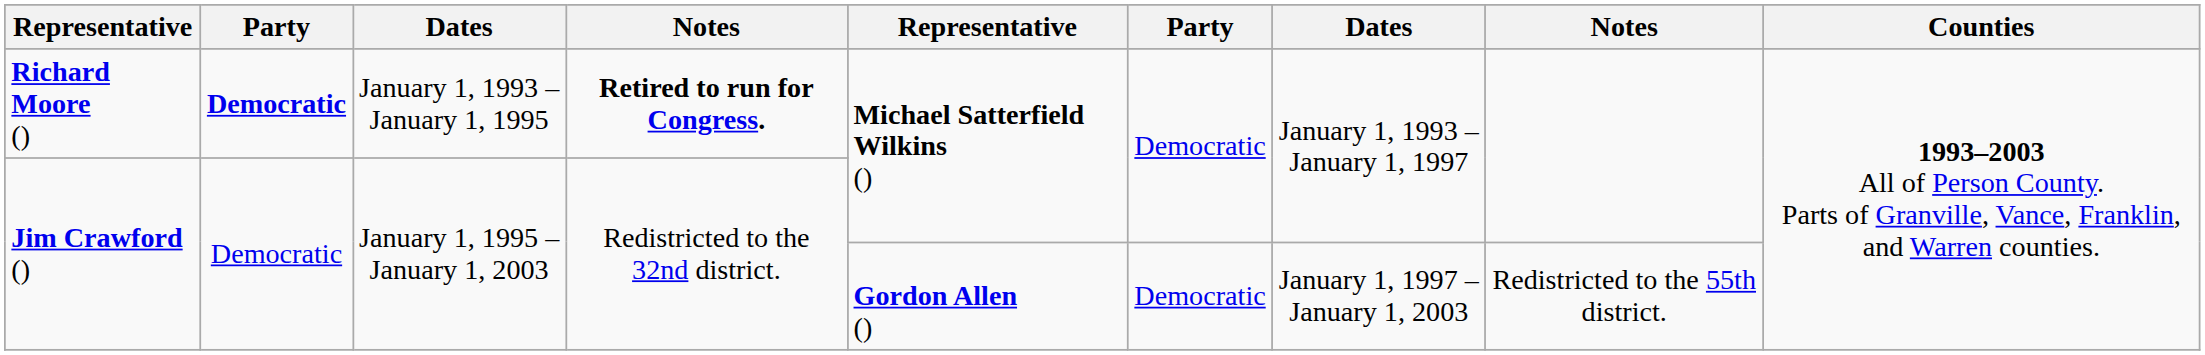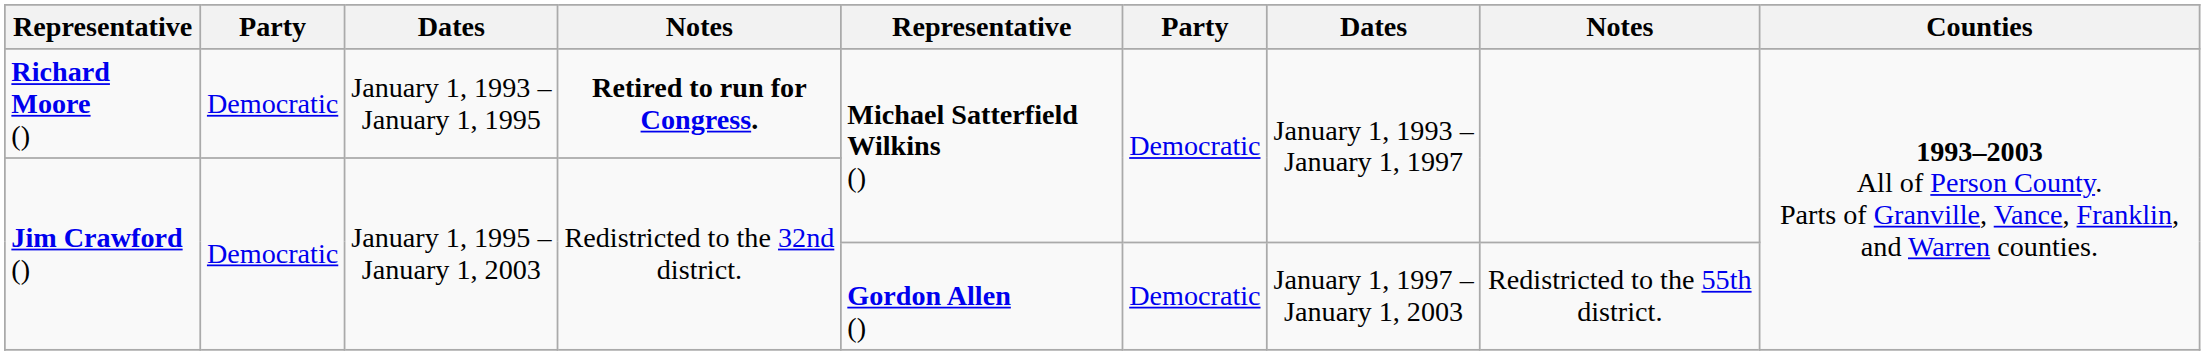 <table class=wikitable style="text-align:center">
 <tr>
 <th>Representative</th>
 <th>Party</th>
 <th>Dates</th>
 <th>Notes</th>
 <th>Representative</th>
 <th>Party</th>
 <th>Dates</th>
 <th>Notes</th>
 <th>Counties</th>
 </tr>
 <tr style="height:3em">
 <td align=left><strong><a href='#'>Richard Moore</a></strong><br>()</td>
-<td><strong><a href='#'>Democratic</a></strong></td>
+<td><a href='#'>Democratic</a></td>
 <td nowrap>January 1, 1993 – <br> January 1, 1995</td>
 <td><strong>Retired to run for <a href='#'>Congress</a>.</strong></td>
 <td rowspan=2 align=left><strong>Michael Satterfield Wilkins</strong><br>()</td>
 <td rowspan=2 ><a href='#'>Democratic</a></td>
 <td rowspan=2 nowrap>January 1, 1993 – <br> January 1, 1997</td>
 <td rowspan=2></td>
 <td rowspan=3><strong>1993–2003</strong><br> All of <a href='#'>Person County</a>. <br> Parts of <a href='#'>Granville</a>, <a href='#'>Vance</a>, <a href='#'>Franklin</a>, and <a href='#'>Warren</a> counties.</td>
 </tr>
 <tr style="height:3em">
 <td rowspan=2 align=left><strong><a href='#'>Jim Crawford</a></strong><br>()</td>
 <td rowspan=2 ><a href='#'>Democratic</a></td>
 <td rowspan=2 nowrap>January 1, 1995 – <br> January 1, 2003</td>
 <td rowspan=2>Redistricted to the <a href='#'>32nd</a> district.</td>
 </tr>
 <tr style="height:3em">
 <td align=left><br><strong><a href='#'>Gordon Allen</a></strong><br>()</td>
 <td><a href='#'>Democratic</a></td>
 <td nowrap>January 1, 1997 – <br> January 1, 2003</td>
 <td>Redistricted to the <a href='#'>55th</a> district.</td>
 </tr>
 </table>
